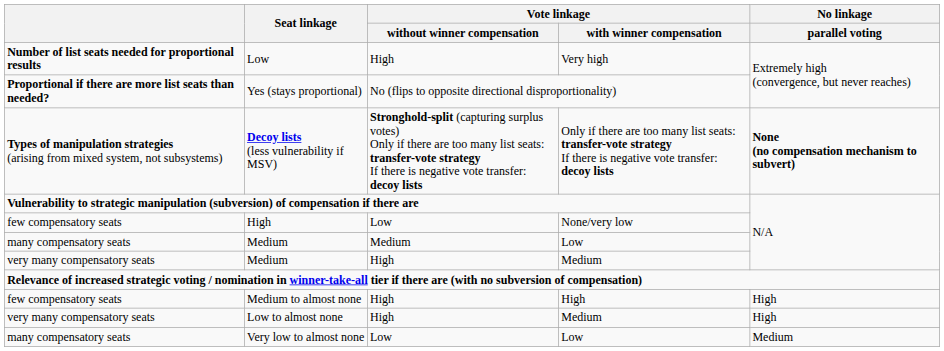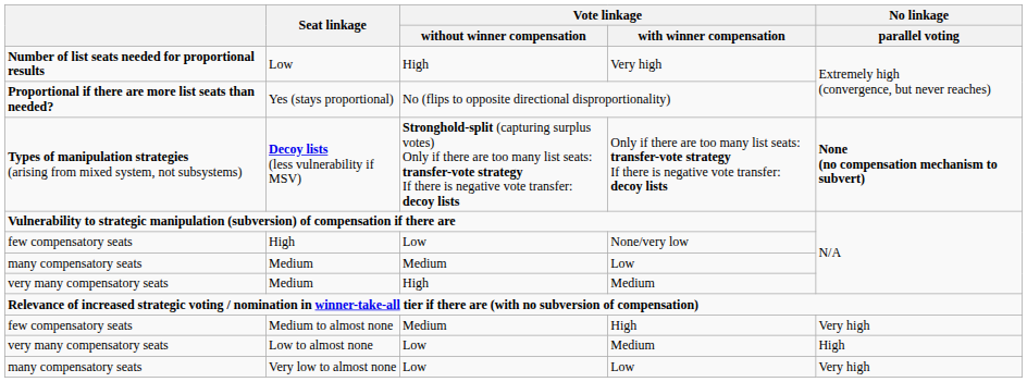 <table class="wikitable">
 <tr>
 <th rowspan="2"></th>
 <th rowspan="2">Seat linkage</th>
 <th colspan="2">Vote linkage</th>
 <th>No linkage</th>
 </tr>
 <tr>
 <th>without winner compensation</th>
 <th>with winner compensation</th>
 <th>parallel voting</th>
 </tr>
 <tr>
 <td><strong>Number of list seats needed for proportional results</strong></td>
 <td>Low</td>
 <td>High</td>
 <td>Very high</td>
 <td rowspan="2">Extremely high<br>(convergence, but never reaches)</td>
 </tr>
 <tr>
 <td><strong>Proportional if there are more list seats than needed?</strong></td>
 <td>Yes (stays proportional)</td>
 <td colspan="2">No (flips to opposite directional disproportionality)</td>
 </tr>
 <tr>
 <td><strong>Types of manipulation strategies</strong><br>(arising from mixed system, not subsystems)</td>
 <td><strong><a href='#'>Decoy lists</a></strong><br>(less vulnerability if MSV)</td>
 <td><strong>Stronghold-split</strong> (capturing surplus votes)<br>Only if there are too many list seats:<br><strong>transfer-vote strategy</strong><br>If there is negative vote transfer: <strong>decoy lists</strong></td>
 <td>Only if there are too many list seats:<br><strong>transfer-vote strategy</strong><br>If there is negative vote transfer: <strong>decoy lists</strong></td>
 <td><strong>None</strong><br><strong>(no compensation mechanism to subvert)</strong></td>
 </tr>
 <tr>
 <td colspan="4"><strong>Vulnerability to strategic manipulation (subversion) of compensation if there are</strong></td>
 <td rowspan="4">N/A</td>
 </tr>
 <tr>
 <td>few compensatory seats</td>
 <td>High</td>
 <td>Low</td>
 <td>None/very low</td>
 </tr>
 <tr>
 <td>many compensatory seats</td>
 <td>Medium</td>
 <td>Medium</td>
 <td>Low</td>
 </tr>
 <tr>
 <td>very many compensatory seats</td>
 <td>Medium</td>
 <td>High</td>
 <td>Medium</td>
 </tr>
 <tr>
 <td colspan="5"><strong>Relevance of increased strategic voting / nomination in <a href='#'>winner-take-all</a> tier if there are (with no subversion of compensation)</strong></td>
 </tr>
 <tr>
 <td>few compensatory seats</td>
 <td>Medium to almost none</td>
+<td>Medium</td>
 <td>High</td>
-<td>High</td>
-<td>High</td>
+<td>Very high</td>
 </tr>
 <tr>
 <td>very many compensatory seats</td>
 <td>Low to almost none</td>
-<td>High</td>
+<td>Low</td>
 <td>Medium</td>
 <td>High</td>
 </tr>
 <tr>
 <td>many compensatory seats</td>
 <td>Very low to almost none</td>
 <td>Low</td>
 <td>Low</td>
-<td>Medium</td>
+<td>Very high</td>
 </tr>
 </table>
